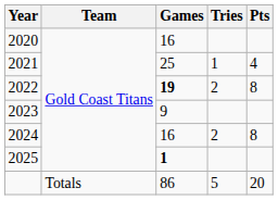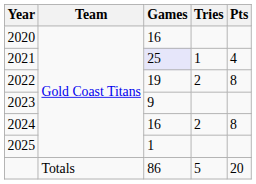 <table class="wikitable">
 <tr>
 <th>Year</th>
 <th>Team</th>
 <th>Games</th>
 <th>Tries</th>
 <th>Pts</th>
 </tr>
 <tr>
 <td>2020</td>
 <td rowspan="6"> <a href='#'>Gold Coast Titans</a></td>
 <td>16</td>
 <td></td>
 <td></td>
 </tr>
 <tr>
 <td>2021</td>
-<td>25</td>
+<td style="background: lavender;">25</td>
 <td>1</td>
 <td>4</td>
 </tr>
 <tr>
 <td>2022</td>
-<td><strong>19</strong></td>
+<td>19</td>
 <td>2</td>
 <td>8</td>
 </tr>
 <tr>
 <td>2023</td>
 <td>9</td>
 <td></td>
 <td></td>
 </tr>
 <tr>
 <td>2024</td>
 <td>16</td>
 <td>2</td>
 <td>8</td>
 </tr>
 <tr>
 <td>2025</td>
-<td><strong>1</strong></td>
+<td>1</td>
 <td></td>
 <td></td>
 </tr>
 <tr>
 <td></td>
 <td>Totals</td>
 <td>86</td>
 <td>5</td>
 <td>20</td>
 </tr>
 </table>
